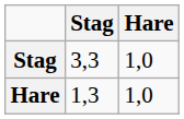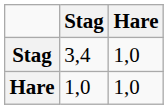 <table class="wikitable defaultcenter">
 <tr>
 <td></td>
 <th>Stag</th>
 <th>Hare</th>
 </tr>
 <tr>
 <th>Stag</th>
-<td>3,3</td>
+<td>3,4</td>
 <td>1,0</td>
 </tr>
 <tr>
 <th>Hare</th>
-<td>1,3</td>
+<td>1,0</td>
 <td>1,0</td>
 </tr>
 </table>
